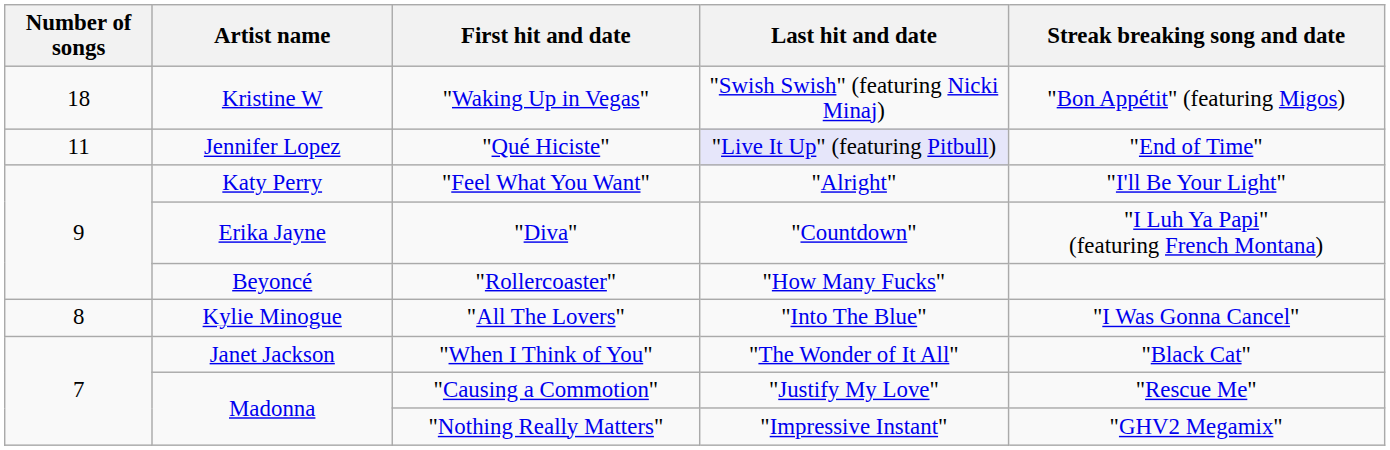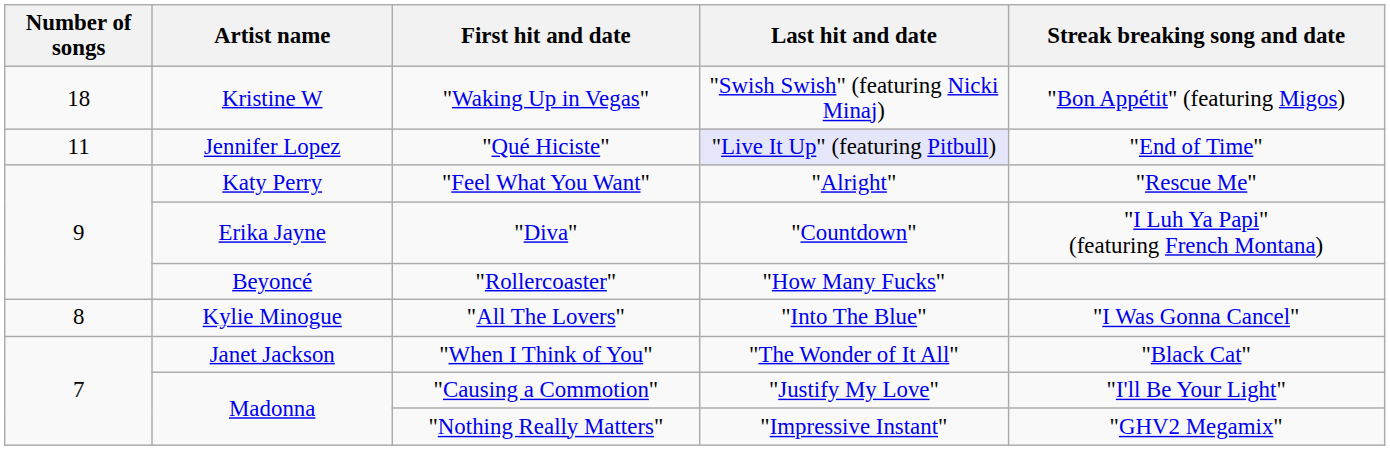 <table class="wikitable sortable plainrowheaders" style="text-align:center;">
 <tr>
 <th scope="col" style="width:6em;">Number of songs</th>
 <th scope="col" style="width:10em;">Artist name</th>
 <th scope="col" style="width:13em;" class="unsortable">First hit and date</th>
 <th scope="col" style="width:13em;" class="unsortable">Last hit and date</th>
 <th scope="col" style="width:16em;" class="unsortable">Streak breaking song and date</th>
 </tr>
 <tr>
 <td>18</td>
 <td><a href='#'>Kristine W</a></td>
 <td>"<a href='#'>Waking Up in Vegas</a>" <br></td>
 <td>"<a href='#'>Swish Swish</a>" (featuring <a href='#'>Nicki Minaj</a>) <br> </td>
 <td>"<a href='#'>Bon Appétit</a>" (featuring <a href='#'>Migos</a>)<br></td>
 </tr>
 <tr>
 <td>11</td>
 <td><a href='#'>Jennifer Lopez</a></td>
 <td>"<a href='#'>Qué Hiciste</a>" <br></td>
 <td style="background: lavender;">"<a href='#'>Live It Up</a>" (featuring <a href='#'>Pitbull</a>) <br></td>
 <td>"<a href='#'>End of Time</a>" <br></td>
 </tr>
 <tr>
 <td rowspan="3">9</td>
 <td><a href='#'>Katy Perry</a></td>
 <td>"<a href='#'>Feel What You Want</a>" <br></td>
 <td>"<a href='#'>Alright</a>"<br></td>
-<td>"<a href='#'>I'll Be Your Light</a>" <br></td>
+<td>"<a href='#'>Rescue Me</a>" <br> </td>
 </tr>
 <tr>
 <td><a href='#'>Erika Jayne</a></td>
 <td>"<a href='#'>Diva</a>" <br></td>
 <td>"<a href='#'>Countdown</a>"  <br></td>
 <td>"<a href='#'>I Luh Ya Papi</a>" <br> (featuring <a href='#'>French Montana</a>)<br></td>
 </tr>
 <tr>
 <td><a href='#'>Beyoncé</a></td>
 <td>"<a href='#'>Rollercoaster</a>" <br></td>
 <td>"<a href='#'>How Many Fucks</a>"<br></td>
 <td></td>
 </tr>
 <tr>
 <td>8</td>
 <td><a href='#'>Kylie Minogue</a></td>
 <td>"<a href='#'>All The Lovers</a>" <br> </td>
 <td>"<a href='#'>Into The Blue</a>" <br> </td>
 <td>"<a href='#'>I Was Gonna Cancel</a>" <br></td>
 </tr>
 <tr>
 <td rowspan="3">7</td>
 <td><a href='#'>Janet Jackson</a></td>
 <td>"<a href='#'>When I Think of You</a>"<br></td>
 <td>"<a href='#'>The Wonder of It All</a>" <br></td>
 <td>"<a href='#'>Black Cat</a>"<br></td>
 </tr>
 <tr>
 <td rowspan="2"><a href='#'>Madonna</a></td>
 <td>"<a href='#'>Causing a Commotion</a>" <br> </td>
 <td>"<a href='#'>Justify My Love</a>" <br> </td>
-<td>"<a href='#'>Rescue Me</a>" <br> </td>
+<td>"<a href='#'>I'll Be Your Light</a>" <br></td>
 </tr>
 <tr>
 <td>"<a href='#'>Nothing Really Matters</a>" <br> </td>
 <td>"<a href='#'>Impressive Instant</a>" <br> </td>
 <td>"<a href='#'>GHV2 Megamix</a>" <br> </td>
 </tr>
 </table>
